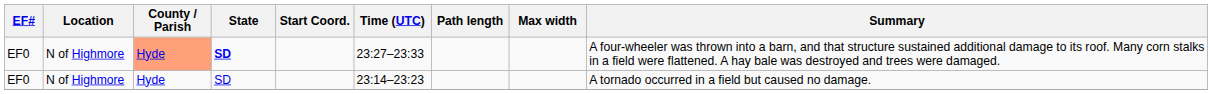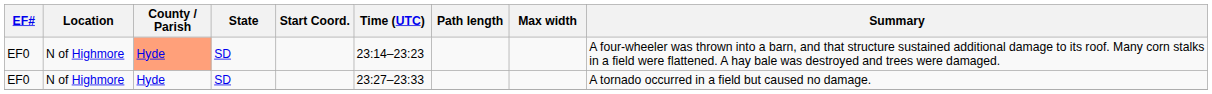 <table class="wikitable sortable" style="width:100%;">
 <tr>
 <th scope="col" style="width:3%; text-align:center;"><a href='#'>EF#</a></th>
 <th scope="col" style="width:7%; text-align:center;" class="unsortable">Location</th>
 <th scope="col" style="width:6%; text-align:center;" class="unsortable">County / Parish</th>
 <th scope="col" style="width:5%; text-align:center;">State</th>
 <th scope="col" style="width:6%; text-align:center;">Start Coord.</th>
 <th scope="col" style="width:6%; text-align:center;">Time (<a href='#'>UTC</a>)</th>
 <th scope="col" style="width:6%; text-align:center;">Path length</th>
 <th scope="col" style="width:6%; text-align:center;">Max width</th>
 <th scope="col" class="unsortable" style="width:48%; text-align:center;">Summary</th>
 </tr>
 <tr>
 <td bgcolor=>EF0</td>
 <td>N of <a href='#'>Highmore</a></td>
 <td style="background: lightsalmon;"><a href='#'>Hyde</a></td>
-<td><strong><a href='#'>SD</a></strong></td>
+<td><a href='#'>SD</a></td>
 <td></td>
-<td>23:27–23:33</td>
+<td>23:14–23:23</td>
 <td></td>
 <td></td>
 <td>A four-wheeler was thrown into a barn, and that structure sustained additional damage to its roof. Many corn stalks in a field were flattened. A hay bale was destroyed and trees were damaged.</td>
 </tr>
 <tr>
 <td bgcolor=>EF0</td>
 <td>N of <a href='#'>Highmore</a></td>
 <td><a href='#'>Hyde</a></td>
 <td><a href='#'>SD</a></td>
 <td></td>
-<td>23:14–23:23</td>
+<td>23:27–23:33</td>
 <td></td>
 <td></td>
 <td>A tornado occurred in a field but caused no damage.</td>
 </tr>
 <tr>
 </tr>
 </table>
